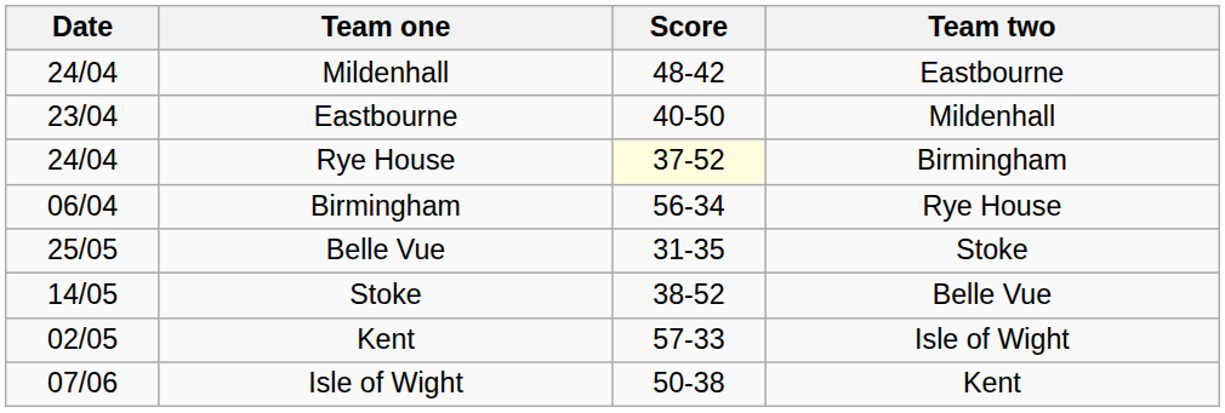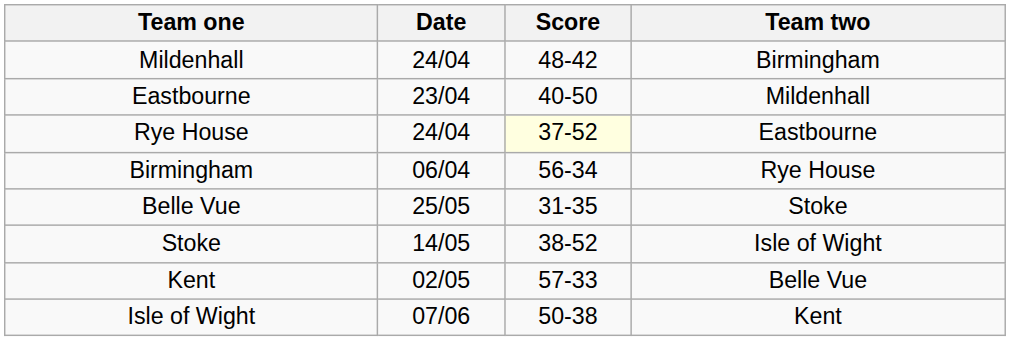 <table class="wikitable" style="text-align: center">
 <tr>
+<th width=250>Team one</th>
 <th width=80>Date</th>
-<th width=250>Team one</th>
 <th width=80>Score</th>
 <th width=250>Team two</th>
 </tr>
 <tr>
+<td>Mildenhall</td>
 <td>24/04</td>
-<td>Mildenhall</td>
 <td>48-42</td>
-<td>Eastbourne</td>
+<td>Birmingham</td>
 </tr>
 <tr>
+<td>Eastbourne</td>
 <td>23/04</td>
-<td>Eastbourne</td>
 <td>40-50</td>
 <td>Mildenhall</td>
 </tr>
 <tr>
+<td>Rye House</td>
 <td>24/04</td>
-<td>Rye House</td>
 <td style="background: lightyellow;">37-52</td>
-<td>Birmingham</td>
+<td>Eastbourne</td>
 </tr>
 <tr>
+<td>Birmingham</td>
 <td>06/04</td>
-<td>Birmingham</td>
 <td>56-34</td>
 <td>Rye House</td>
 </tr>
 <tr>
+<td>Belle Vue</td>
 <td>25/05</td>
-<td>Belle Vue</td>
 <td>31-35</td>
 <td>Stoke</td>
 </tr>
 <tr>
+<td>Stoke</td>
 <td>14/05</td>
-<td>Stoke</td>
 <td>38-52</td>
+<td>Isle of Wight</td>
+</tr>
+<tr>
+<td>Kent</td>
+<td>02/05</td>
+<td>57-33</td>
 <td>Belle Vue</td>
 </tr>
 <tr>
-<td>02/05</td>
-<td>Kent</td>
-<td>57-33</td>
 <td>Isle of Wight</td>
-</tr>
-<tr>
 <td>07/06</td>
-<td>Isle of Wight</td>
 <td>50-38</td>
 <td>Kent</td>
 </tr>
 </table>
